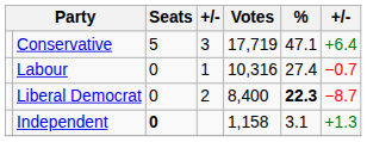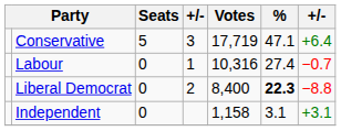 <table class="wikitable">
 <tr>
 <th colspan="2">Party</th>
 <th>Seats</th>
 <th>+/-</th>
 <th>Votes</th>
 <th>%</th>
 <th>+/-</th>
 </tr>
 <tr>
 <td style="background-color: "></td>
 <td><a href='#'>Conservative</a></td>
 <td>5</td>
 <td> 3</td>
 <td>17,719</td>
 <td>47.1</td>
 <td style="color:green">+6.4</td>
 </tr>
 <tr>
 <td style="background-color: "></td>
 <td><a href='#'>Labour</a></td>
 <td>0</td>
 <td> 1</td>
 <td>10,316</td>
 <td>27.4</td>
 <td style="color:red">−0.7</td>
 </tr>
 <tr>
 <td style="background-color: "></td>
 <td><a href='#'>Liberal Democrat</a></td>
 <td>0</td>
 <td> 2</td>
 <td>8,400</td>
 <td><strong>22.3</strong></td>
-<td style="color:red">−8.7</td>
+<td style="color:red">−8.8</td>
 </tr>
 <tr>
 <td style="background-color: "></td>
 <td><a href='#'>Independent</a></td>
-<td><strong>0</strong></td>
+<td>0</td>
 <td></td>
 <td>1,158</td>
 <td>3.1</td>
-<td style="color:green">+1.3</td>
+<td style="color:green">+3.1</td>
 </tr>
 <tr>
 </tr>
 </table>
